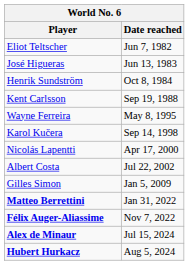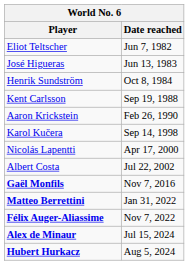 <table class="wikitable nowrap" style="display:inline-table; font-size:95%">
 <tr>
 <th colspan="2">World No. 6</th>
 </tr>
 <tr>
 <th width=165>Player</th>
 <th>Date reached</th>
 </tr>
 <tr>
 <td> <a href='#'>Eliot Teltscher</a></td>
 <td>Jun 7, 1982</td>
 </tr>
 <tr>
 <td> <a href='#'>José Higueras</a></td>
 <td>Jun 13, 1983</td>
 </tr>
 <tr>
 <td> <a href='#'>Henrik Sundström</a></td>
 <td>Oct 8, 1984</td>
 </tr>
 <tr>
 <td> <a href='#'>Kent Carlsson</a></td>
 <td>Sep 19, 1988</td>
 </tr>
 <tr>
-<td> <a href='#'>Wayne Ferreira</a></td>
-<td>May 8, 1995</td>
+<td> <a href='#'>Aaron Krickstein</a></td>
+<td>Feb 26, 1990</td>
 </tr>
 <tr>
 <td> <a href='#'>Karol Kučera</a></td>
 <td>Sep 14, 1998</td>
 </tr>
 <tr>
 <td> <a href='#'>Nicolás Lapentti</a></td>
 <td>Apr 17, 2000</td>
 </tr>
 <tr>
 <td> <a href='#'>Albert Costa</a></td>
 <td>Jul 22, 2002</td>
 </tr>
 <tr>
-<td> <a href='#'>Gilles Simon</a></td>
-<td>Jan 5, 2009</td>
+<td> <strong><a href='#'>Gaël Monfils</a></strong></td>
+<td>Nov 7, 2016</td>
 </tr>
 <tr>
 <td> <strong><a href='#'>Matteo Berrettini</a></strong></td>
 <td>Jan 31, 2022</td>
 </tr>
 <tr>
 <td> <strong><a href='#'>Félix Auger-Aliassime</a></strong></td>
 <td>Nov 7, 2022</td>
 </tr>
 <tr>
 <td> <strong><a href='#'>Alex de Minaur</a></strong></td>
 <td>Jul 15, 2024</td>
 </tr>
 <tr>
 <td> <strong><a href='#'>Hubert Hurkacz</a></strong></td>
 <td>Aug 5, 2024</td>
 </tr>
 </table>
